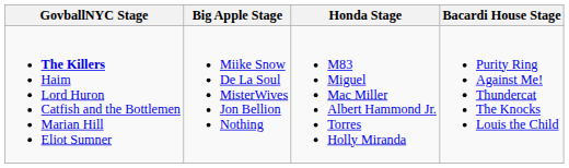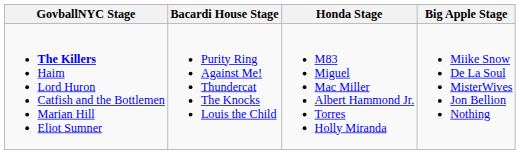 <table class="wikitable">
 <tr>
 <th>GovballNYC Stage</th>
+<th>Bacardi House Stage</th>
+<th>Honda Stage</th>
 <th>Big Apple Stage</th>
-<th>Honda Stage</th>
-<th>Bacardi House Stage</th>
 </tr>
 <tr valign="top">
 <td><br><ul><li><strong><a href='#'>The Killers</a></strong></li><li><a href='#'>Haim</a></li><li><a href='#'>Lord Huron</a></li><li><a href='#'>Catfish and the Bottlemen</a></li><li><a href='#'>Marian Hill</a></li><li><a href='#'>Eliot Sumner</a></li></ul></td>
+<td><br><ul><li><a href='#'>Purity Ring</a></li><li><a href='#'>Against Me!</a></li><li><a href='#'>Thundercat</a></li><li><a href='#'>The Knocks</a></li><li><a href='#'>Louis the Child</a></li></ul></td>
+<td><br><ul><li><a href='#'>M83</a></li><li><a href='#'>Miguel</a></li><li><a href='#'>Mac Miller</a></li><li><a href='#'>Albert Hammond Jr.</a></li><li><a href='#'>Torres</a></li><li><a href='#'>Holly Miranda</a></li></ul></td>
 <td><br><ul><li><a href='#'>Miike Snow</a></li><li><a href='#'>De La Soul</a></li><li><a href='#'>MisterWives</a></li><li><a href='#'>Jon Bellion</a></li><li><a href='#'>Nothing</a></li></ul></td>
-<td><br><ul><li><a href='#'>M83</a></li><li><a href='#'>Miguel</a></li><li><a href='#'>Mac Miller</a></li><li><a href='#'>Albert Hammond Jr.</a></li><li><a href='#'>Torres</a></li><li><a href='#'>Holly Miranda</a></li></ul></td>
-<td><br><ul><li><a href='#'>Purity Ring</a></li><li><a href='#'>Against Me!</a></li><li><a href='#'>Thundercat</a></li><li><a href='#'>The Knocks</a></li><li><a href='#'>Louis the Child</a></li></ul></td>
 </tr>
 </table>
